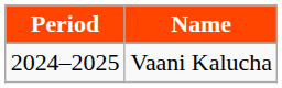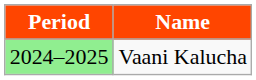 <table class="wikitable" style="text-align:center;border:1px solid #FF4500;">
 <tr>
 <th style="background-color:#FF4500; color:#FFFFFF;">Period</th>
 <th style="background-color:#FF4500; color:#FFFFFF;">Name</th>
 </tr>
 <tr>
-<td>2024–2025</td>
+<td style="background: lightgreen;">2024–2025</td>
 <td style="text-align:left;"> Vaani Kalucha</td>
 </tr>
 </table>
